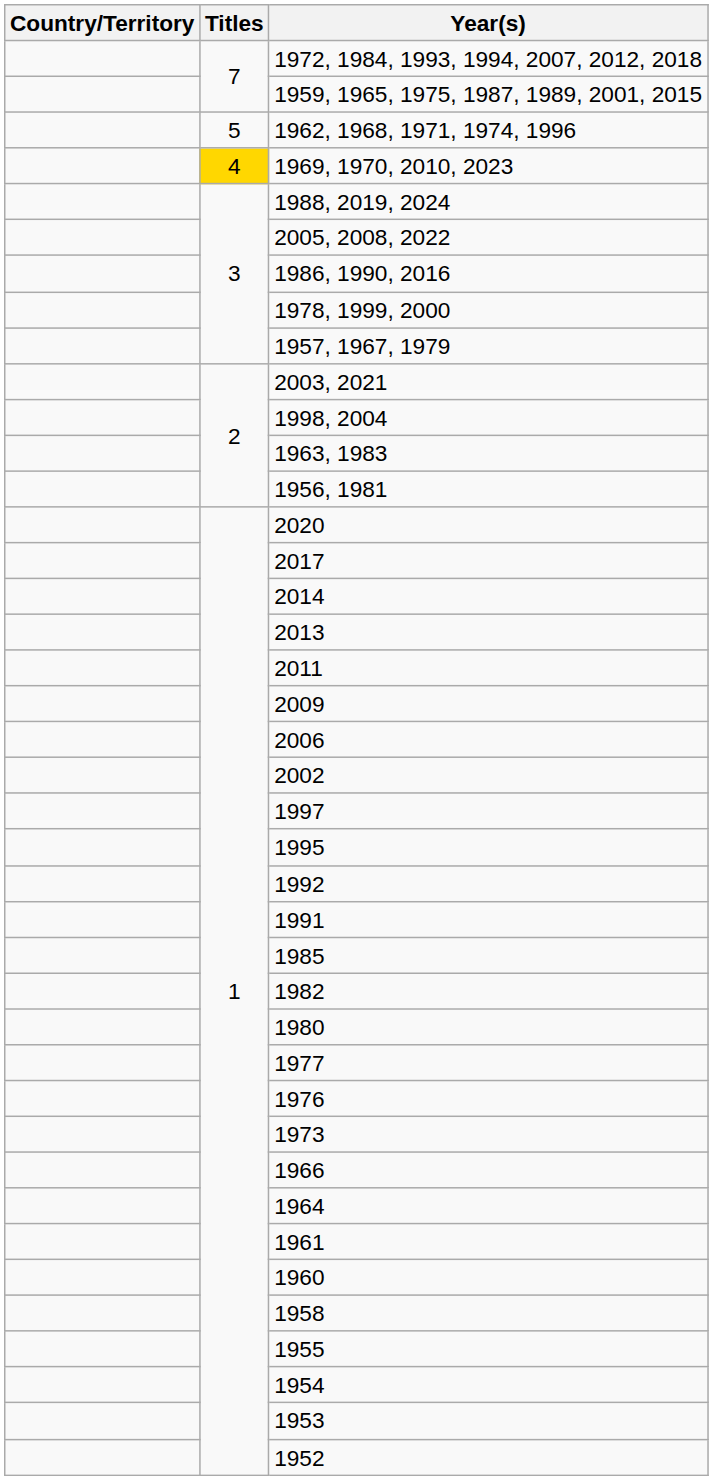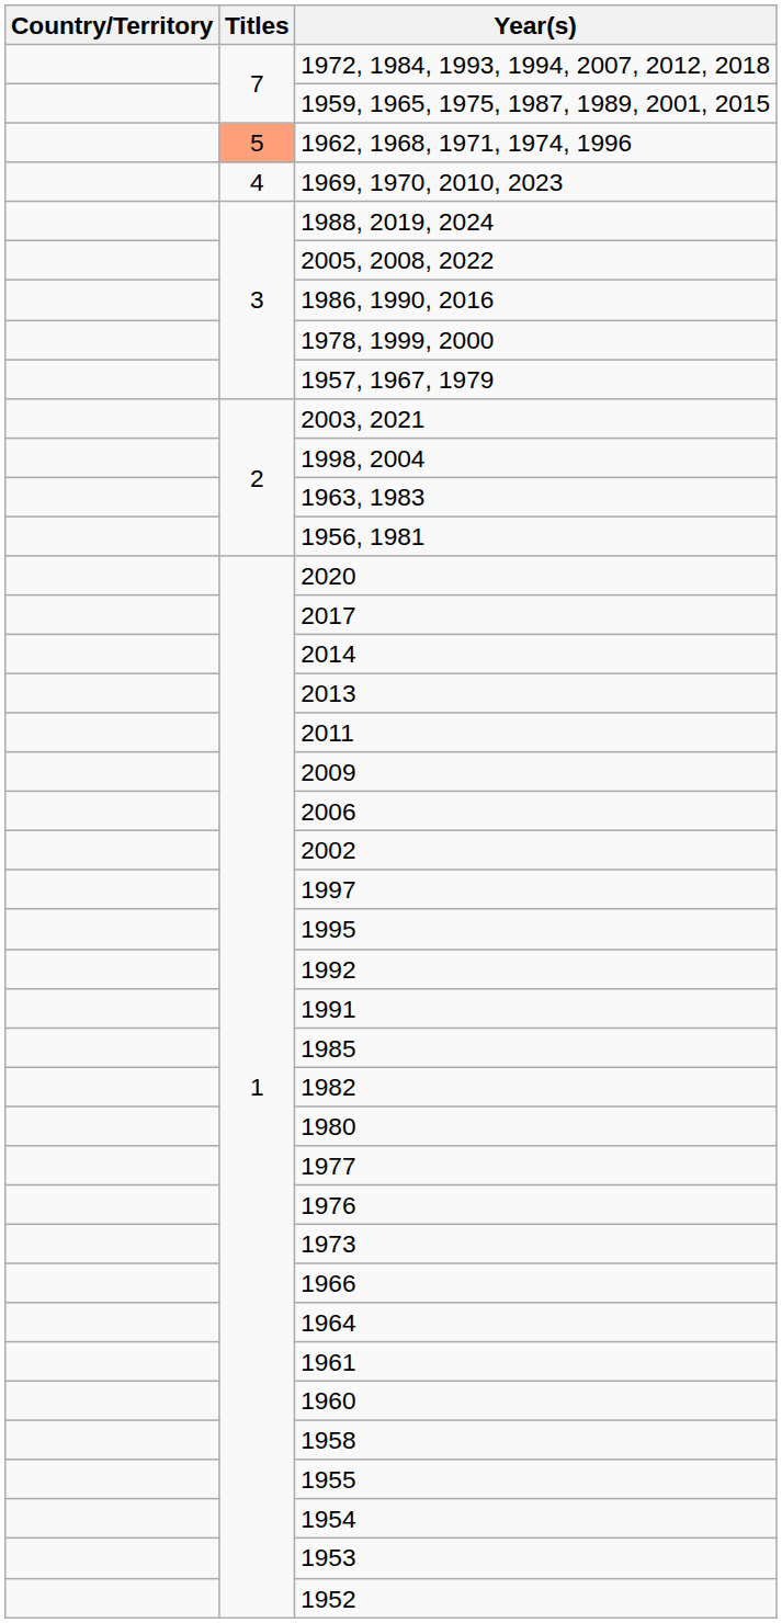 <table class="wikitable sortable" style="font-size: 95%;">
 <tr>
 <th>Country/Territory</th>
 <th>Titles</th>
 <th>Year(s)</th>
 </tr>
 <tr>
 <td><strong></strong></td>
 <td rowspan="2" style="text-align:center;">7</td>
 <td>1972, 1984, 1993, 1994, 2007, 2012, 2018</td>
 </tr>
 <tr>
 <td><strong></strong></td>
 <td>1959, 1965, 1975, 1987, 1989, 2001, 2015</td>
 </tr>
 <tr>
 <td><strong></strong></td>
-<td style="text-align:center;">5</td>
+<td style="background: lightsalmon; text-align:center;">5</td>
 <td>1962, 1968, 1971, 1974, 1996</td>
 </tr>
 <tr>
 <td><strong></strong></td>
-<td style="background: gold; text-align:center;">4</td>
+<td style="text-align:center;">4</td>
 <td>1969, 1970, 2010, 2023</td>
 </tr>
 <tr>
 <td><strong></strong></td>
 <td rowspan="5" style="text-align:center;">3</td>
 <td>1988, 2019, 2024</td>
 </tr>
 <tr>
 <td><strong></strong></td>
 <td>2005, 2008, 2022</td>
 </tr>
 <tr>
 <td><strong></strong></td>
 <td>1986, 1990, 2016</td>
 </tr>
 <tr>
 <td><strong></strong></td>
 <td>1978, 1999, 2000</td>
 </tr>
 <tr>
 <td><strong></strong></td>
 <td>1957, 1967, 1979</td>
 </tr>
 <tr>
 <td><strong></strong></td>
 <td rowspan="4" style="text-align:center;">2</td>
 <td>2003, 2021</td>
 </tr>
 <tr>
 <td><strong></strong></td>
 <td>1998, 2004</td>
 </tr>
 <tr>
 <td><strong></strong></td>
 <td>1963, 1983</td>
 </tr>
 <tr>
 <td><strong></strong></td>
 <td>1956, 1981</td>
 </tr>
 <tr>
 <td><strong></strong></td>
 <td rowspan="27" style="text-align:center;">1</td>
 <td>2020</td>
 </tr>
 <tr>
 <td><strong></strong></td>
 <td>2017</td>
 </tr>
 <tr>
 <td><strong></strong></td>
 <td>2014</td>
 </tr>
 <tr>
 <td><strong></strong></td>
 <td>2013</td>
 </tr>
 <tr>
 <td><strong></strong></td>
 <td>2011</td>
 </tr>
 <tr>
 <td><strong></strong></td>
 <td>2009</td>
 </tr>
 <tr>
 <td><strong></strong></td>
 <td>2006</td>
 </tr>
 <tr>
 <td><strong></strong></td>
 <td>2002</td>
 </tr>
 <tr>
 <td><strong></strong></td>
 <td>1997</td>
 </tr>
 <tr>
 <td><strong></strong></td>
 <td>1995</td>
 </tr>
 <tr>
 <td><strong></strong></td>
 <td>1992</td>
 </tr>
 <tr>
 <td><strong></strong></td>
 <td>1991</td>
 </tr>
 <tr>
 <td><strong></strong></td>
 <td>1985</td>
 </tr>
 <tr>
 <td><strong></strong></td>
 <td>1982</td>
 </tr>
 <tr>
 <td><strong></strong></td>
 <td>1980</td>
 </tr>
 <tr>
 <td><strong></strong></td>
 <td>1977</td>
 </tr>
 <tr>
 <td><strong></strong></td>
 <td>1976</td>
 </tr>
 <tr>
 <td><strong></strong></td>
 <td>1973</td>
 </tr>
 <tr>
 <td><strong></strong></td>
 <td>1966</td>
 </tr>
 <tr>
 <td><strong></strong></td>
 <td>1964</td>
 </tr>
 <tr>
 <td><strong></strong></td>
 <td>1961</td>
 </tr>
 <tr>
 <td><strong></strong></td>
 <td>1960</td>
 </tr>
 <tr>
 <td><strong></strong></td>
 <td>1958</td>
 </tr>
 <tr>
 <td><strong></strong></td>
 <td>1955</td>
 </tr>
 <tr>
 <td><strong></strong></td>
 <td>1954</td>
 </tr>
 <tr>
 <td><strong></strong></td>
 <td>1953</td>
 </tr>
 <tr>
 <td><strong></strong></td>
 <td>1952</td>
 </tr>
 </table>
